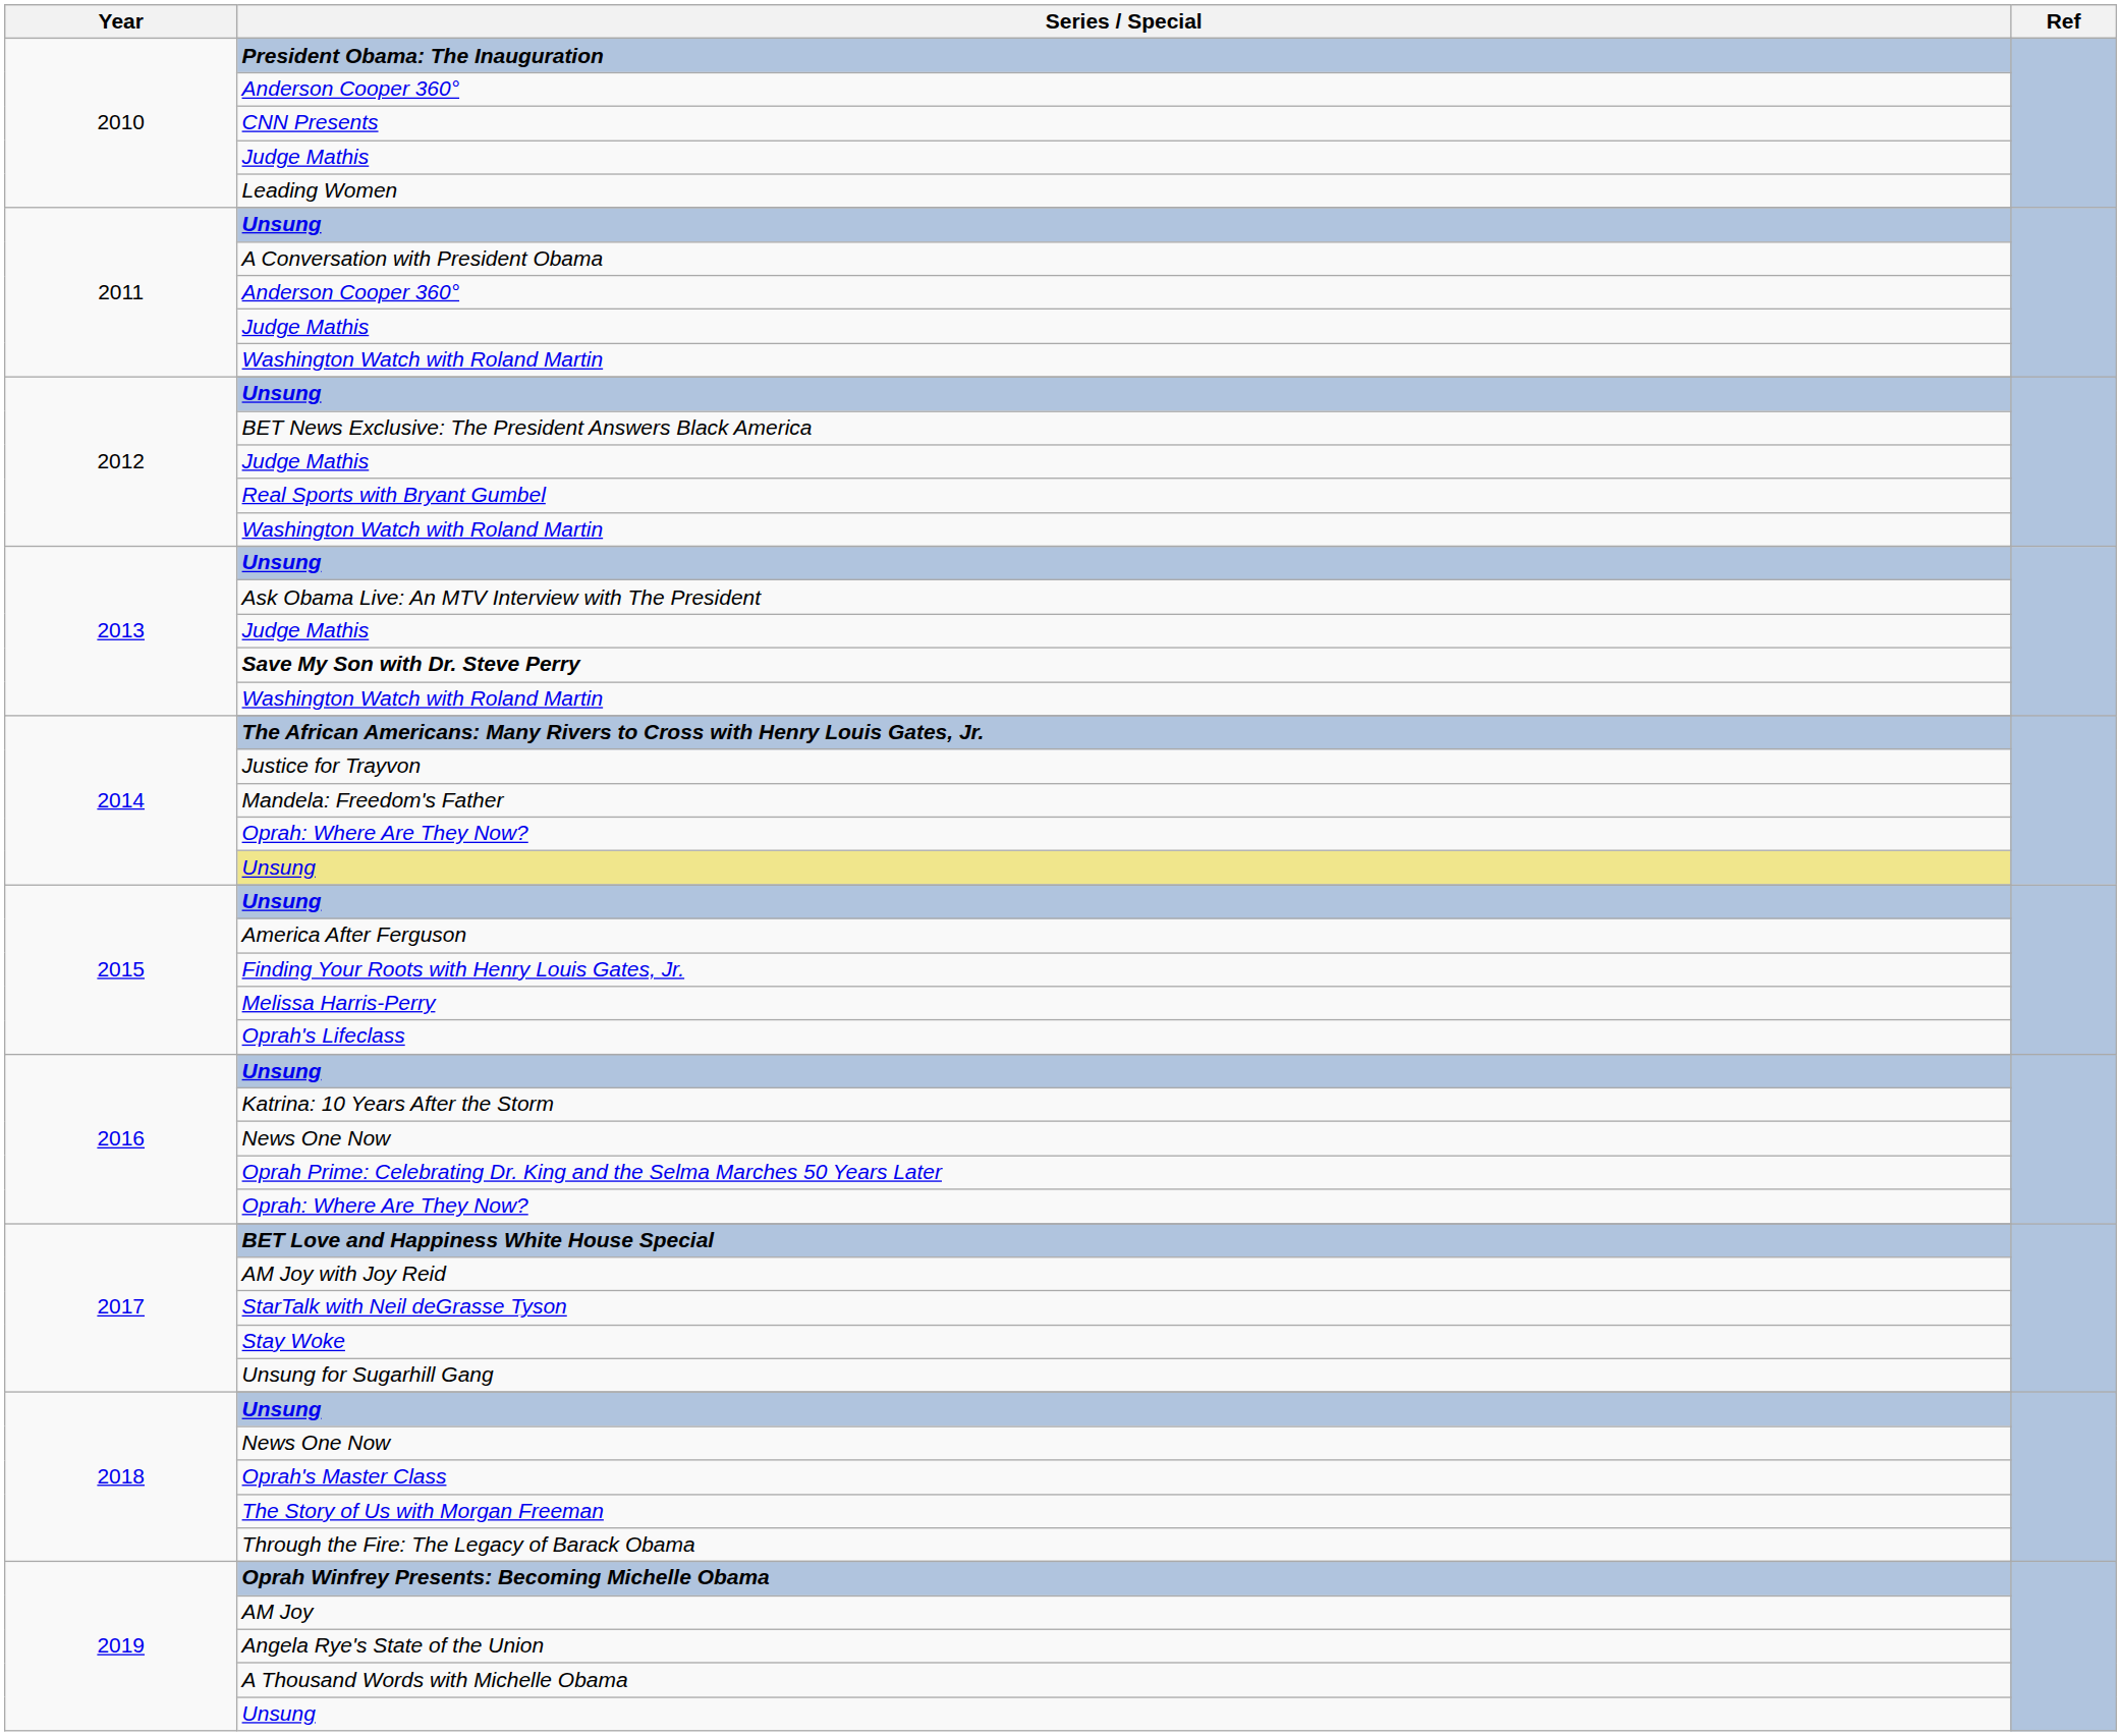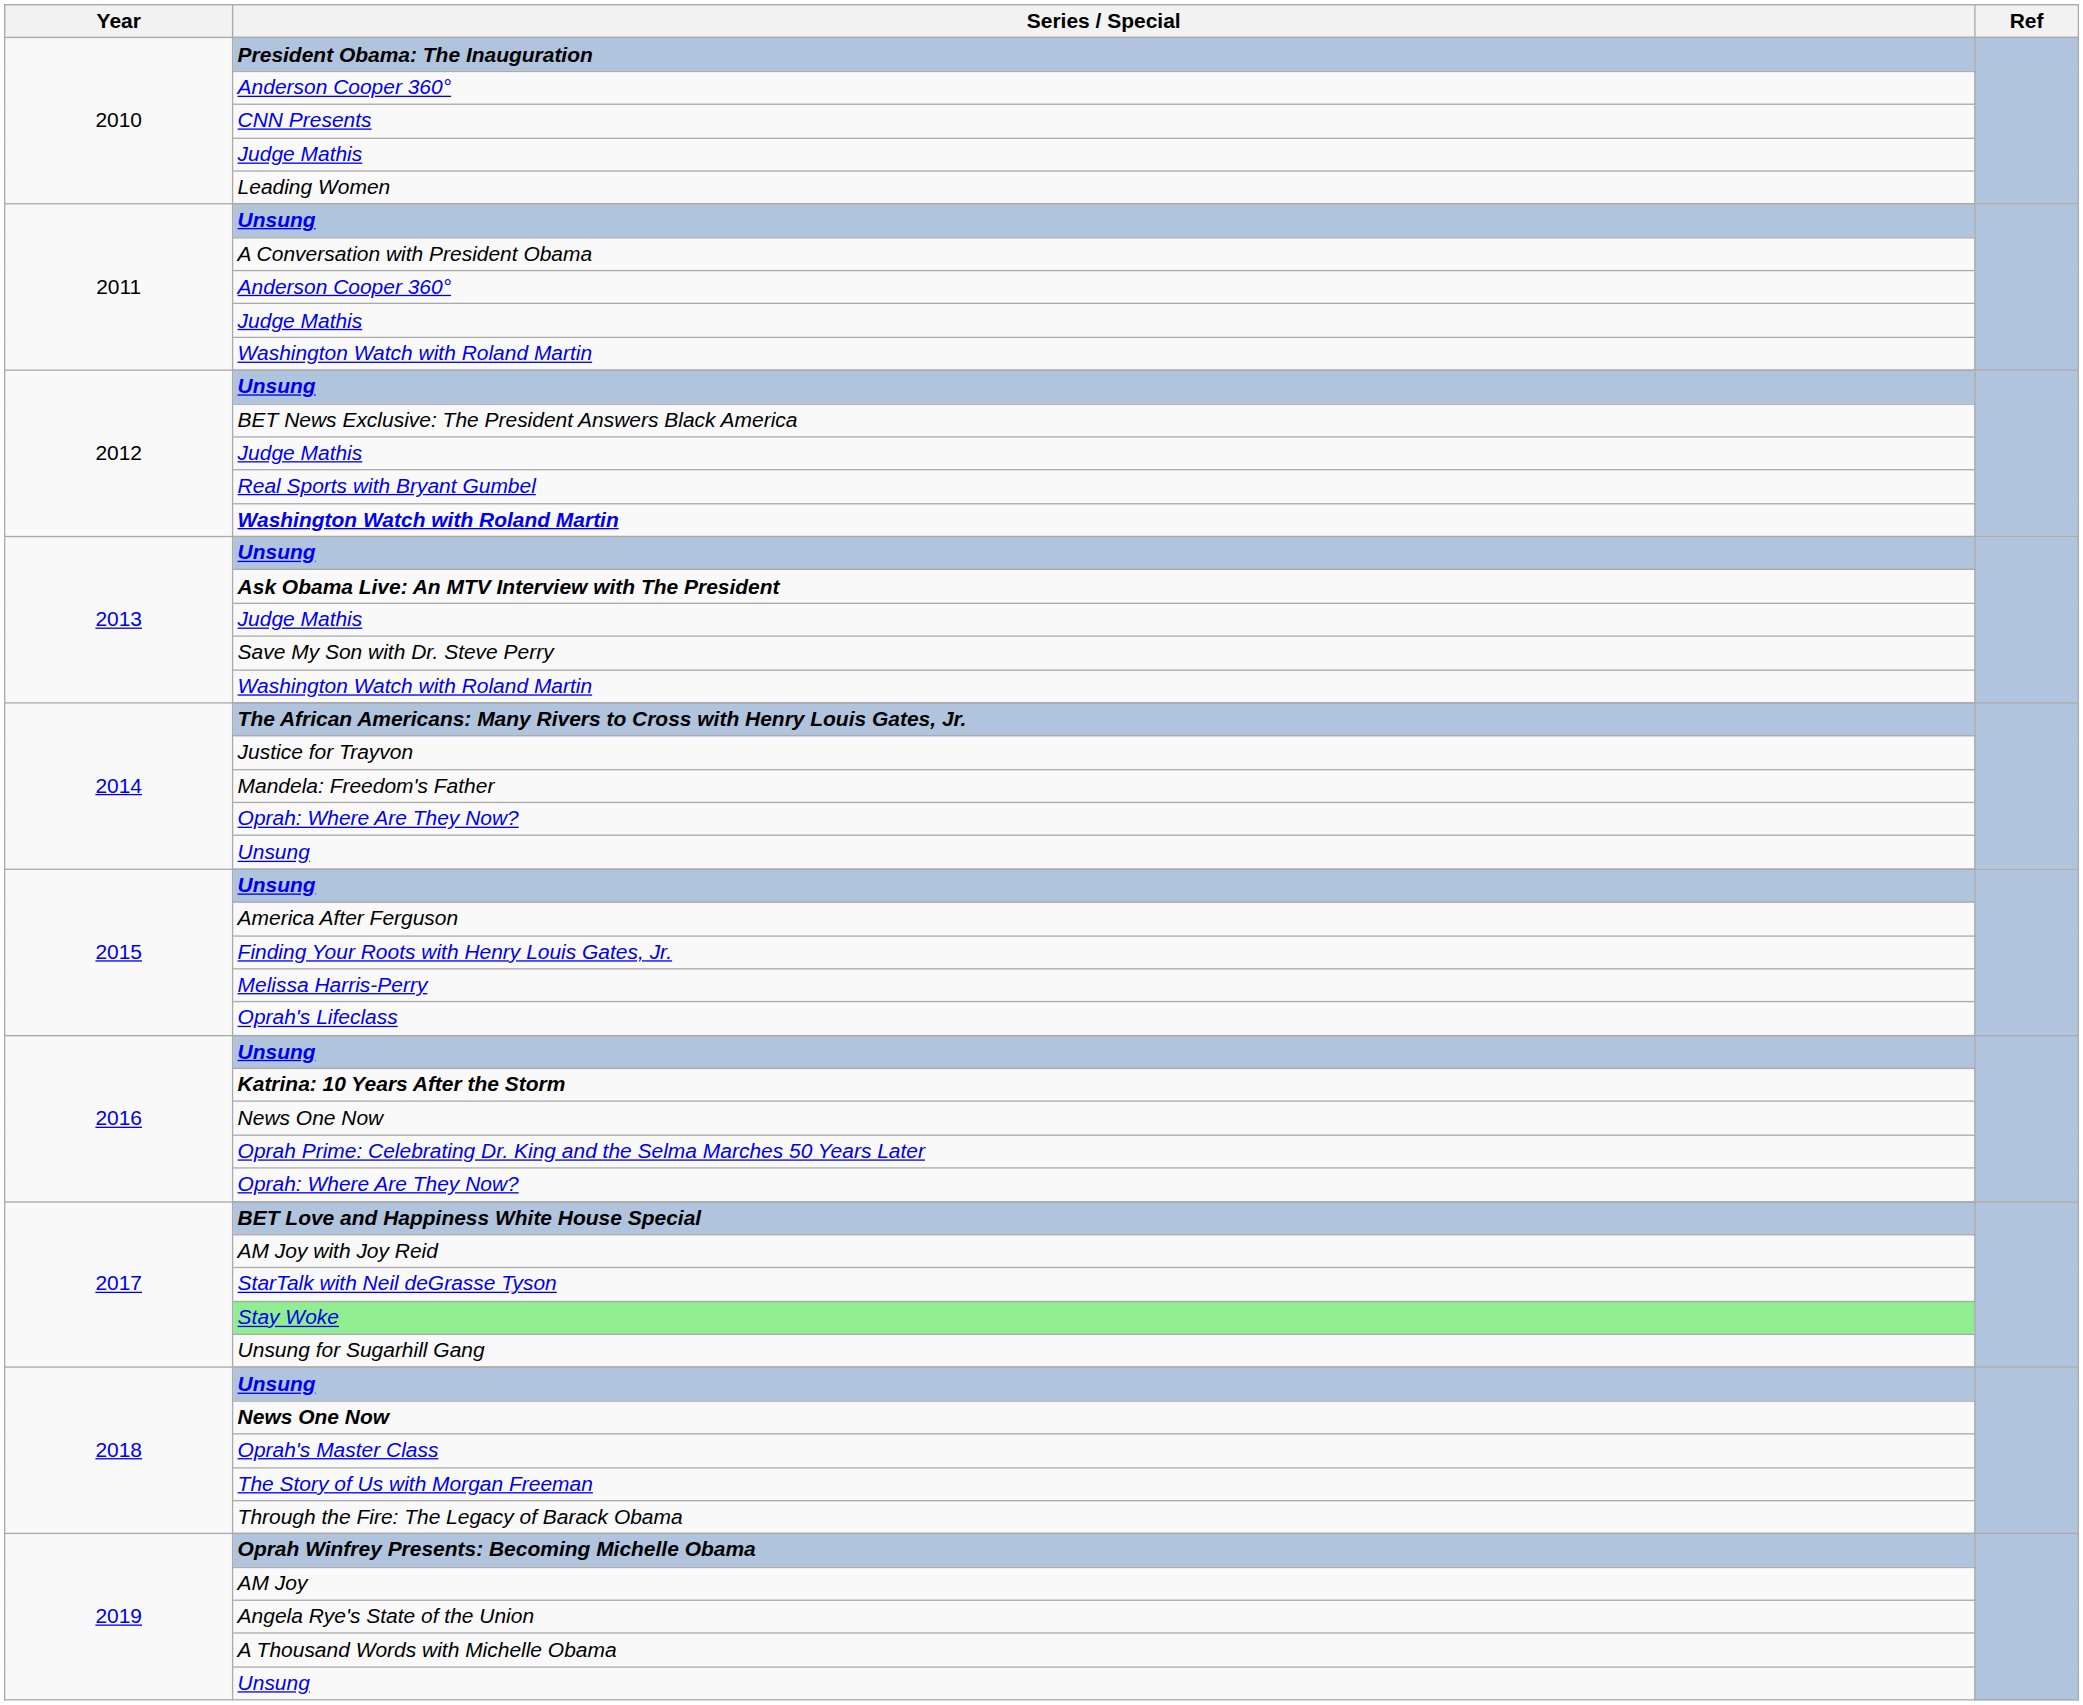 <table class="wikitable" style="width:100%;">
 <tr style="background:#bebebe;">
 <th style="width:11%;">Year</th>
 <th style="width:84%;">Series / Special</th>
 <th style="width:5%;">Ref</th>
 </tr>
 <tr>
 <td rowspan="6" align="center">2010</td>
 </tr>
 <tr style="background:#B0C4DE">
 <td><strong><em>President Obama: The Inauguration</em></strong></td>
 <td rowspan="6" align="center"></td>
 </tr>
 <tr>
 <td><em><a href='#'>Anderson Cooper 360°</a></em></td>
 </tr>
 <tr>
 <td><em><a href='#'>CNN Presents</a></em></td>
 </tr>
 <tr>
 <td><em><a href='#'>Judge Mathis</a></em></td>
 </tr>
 <tr>
 <td><em>Leading Women</em></td>
 </tr>
 <tr>
 <td rowspan="6" align="center">2011</td>
 </tr>
 <tr style="background:#B0C4DE">
 <td><strong><em><a href='#'>Unsung</a></em></strong></td>
 <td rowspan="6" align="center"></td>
 </tr>
 <tr>
 <td><em>A Conversation with President Obama</em></td>
 </tr>
 <tr>
 <td><em><a href='#'>Anderson Cooper 360°</a></em></td>
 </tr>
 <tr>
 <td><em><a href='#'>Judge Mathis</a></em></td>
 </tr>
 <tr>
 <td><em><a href='#'>Washington Watch with Roland Martin</a></em></td>
 </tr>
 <tr>
 <td rowspan="6" align="center">2012</td>
 </tr>
 <tr style="background:#B0C4DE">
 <td><strong><em><a href='#'>Unsung</a></em></strong></td>
 <td rowspan="6" align="center"></td>
 </tr>
 <tr>
 <td><em>BET News Exclusive: The President Answers Black America</em></td>
 </tr>
 <tr>
 <td><em><a href='#'>Judge Mathis</a></em></td>
 </tr>
 <tr>
 <td><em><a href='#'>Real Sports with Bryant Gumbel</a></em></td>
 </tr>
 <tr>
-<td><em><a href='#'>Washington Watch with Roland Martin</a></em></td>
+<td><strong><em><a href='#'>Washington Watch with Roland Martin</a></em></strong></td>
 </tr>
 <tr>
 <td rowspan="6" align="center"><a href='#'>2013</a></td>
 </tr>
 <tr style="background:#B0C4DE">
 <td><strong><em><a href='#'>Unsung</a></em></strong></td>
 <td rowspan="6" align="center"></td>
 </tr>
 <tr>
-<td><em>Ask Obama Live: An MTV Interview with The President</em></td>
+<td><strong><em>Ask Obama Live: An MTV Interview with The President</em></strong></td>
 </tr>
 <tr>
 <td><em><a href='#'>Judge Mathis</a></em></td>
 </tr>
 <tr>
-<td><strong><em>Save My Son with Dr. Steve Perry</em></strong></td>
+<td><em>Save My Son with Dr. Steve Perry</em></td>
 </tr>
 <tr>
 <td><em><a href='#'>Washington Watch with Roland Martin</a></em></td>
 </tr>
 <tr>
 <td rowspan="6" align="center"><a href='#'>2014</a></td>
 </tr>
 <tr style="background:#B0C4DE">
 <td><strong><em>The African Americans: Many Rivers to Cross with Henry Louis Gates, Jr.</em></strong></td>
 <td rowspan="6" align="center"></td>
 </tr>
 <tr>
 <td><em>Justice for Trayvon</em></td>
 </tr>
 <tr>
 <td><em>Mandela: Freedom's Father</em></td>
 </tr>
 <tr>
 <td><em><a href='#'>Oprah: Where Are They Now?</a></em></td>
 </tr>
 <tr>
-<td style="background: khaki;"><em><a href='#'>Unsung</a></em></td>
+<td><em><a href='#'>Unsung</a></em></td>
 </tr>
 <tr>
 <td rowspan="6" align="center"><a href='#'>2015</a></td>
 </tr>
 <tr style="background:#B0C4DE">
 <td><strong><em><a href='#'>Unsung</a></em></strong></td>
 <td rowspan="6" align="center"></td>
 </tr>
 <tr>
 <td><em>America After Ferguson</em></td>
 </tr>
 <tr>
 <td><em><a href='#'>Finding Your Roots with Henry Louis Gates, Jr.</a></em></td>
 </tr>
 <tr>
 <td><em><a href='#'>Melissa Harris-Perry</a></em></td>
 </tr>
 <tr>
 <td><em><a href='#'>Oprah's Lifeclass</a></em></td>
 </tr>
 <tr>
 <td rowspan="6" align="center"><a href='#'>2016</a></td>
 </tr>
 <tr style="background:#B0C4DE">
 <td><strong><em><a href='#'>Unsung</a></em></strong></td>
 <td rowspan="6" align="center"></td>
 </tr>
 <tr>
-<td><em>Katrina: 10 Years After the Storm</em></td>
+<td><strong><em>Katrina: 10 Years After the Storm</em></strong></td>
 </tr>
 <tr>
 <td><em>News One Now</em></td>
 </tr>
 <tr>
 <td><em><a href='#'>Oprah Prime: Celebrating Dr. King and the Selma Marches 50 Years Later</a></em></td>
 </tr>
 <tr>
 <td><em><a href='#'>Oprah: Where Are They Now?</a></em></td>
 </tr>
 <tr>
 <td rowspan="6" align="center"><a href='#'>2017</a></td>
 </tr>
 <tr style="background:#B0C4DE">
 <td><strong><em>BET Love and Happiness White House Special</em></strong></td>
 <td rowspan="6" align="center"></td>
 </tr>
 <tr>
 <td><em>AM Joy with Joy Reid</em></td>
 </tr>
 <tr>
 <td><em><a href='#'>StarTalk with Neil deGrasse Tyson</a></em></td>
 </tr>
 <tr>
-<td><em><a href='#'>Stay Woke</a></em></td>
+<td style="background: lightgreen;"><em><a href='#'>Stay Woke</a></em></td>
 </tr>
 <tr>
 <td><em>Unsung for Sugarhill Gang</em></td>
 </tr>
 <tr>
 <td rowspan="6" align="center"><a href='#'>2018</a></td>
 </tr>
 <tr style="background:#B0C4DE">
 <td><strong><em><a href='#'>Unsung</a></em></strong></td>
 <td rowspan="6" align="center"></td>
 </tr>
 <tr>
-<td><em>News One Now</em></td>
+<td><strong><em>News One Now</em></strong></td>
 </tr>
 <tr>
 <td><em><a href='#'>Oprah's Master Class</a></em></td>
 </tr>
 <tr>
 <td><em><a href='#'>The Story of Us with Morgan Freeman</a></em></td>
 </tr>
 <tr>
 <td><em>Through the Fire: The Legacy of Barack Obama</em></td>
 </tr>
 <tr>
 <td rowspan="6" align="center"><a href='#'>2019</a></td>
 </tr>
 <tr style="background:#B0C4DE">
 <td><strong><em>Oprah Winfrey Presents: Becoming Michelle Obama</em></strong></td>
 <td rowspan="6" align="center"></td>
 </tr>
 <tr>
 <td><em>AM Joy</em></td>
 </tr>
 <tr>
 <td><em>Angela Rye's State of the Union</em></td>
 </tr>
 <tr>
 <td><em>A Thousand Words with Michelle Obama</em></td>
 </tr>
 <tr>
 <td><em><a href='#'>Unsung</a></em></td>
 </tr>
 </table>
